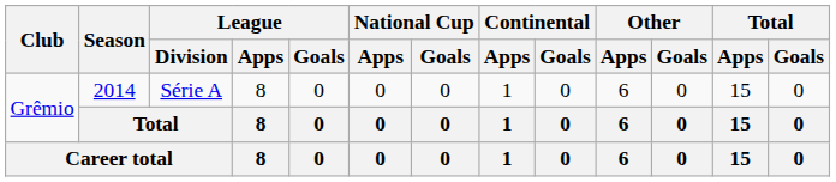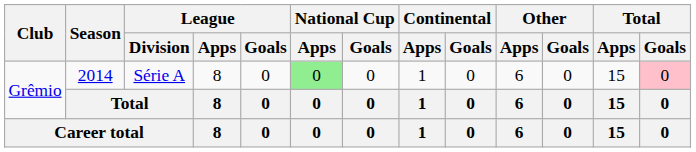 <table class="wikitable" style="font-size:96%; text-align: center;">
 <tr>
 <th rowspan="2">Club</th>
 <th rowspan="2">Season</th>
 <th colspan="3">League</th>
 <th colspan="2">National Cup</th>
 <th colspan="2">Continental</th>
 <th colspan="2">Other</th>
 <th colspan="2">Total</th>
 </tr>
 <tr>
 <th>Division</th>
 <th>Apps</th>
 <th>Goals</th>
 <th>Apps</th>
 <th>Goals</th>
 <th>Apps</th>
 <th>Goals</th>
 <th>Apps</th>
 <th>Goals</th>
 <th>Apps</th>
 <th>Goals</th>
 </tr>
 <tr>
 <td rowspan="2" valign="center"><a href='#'>Grêmio</a></td>
 <td><a href='#'>2014</a></td>
 <td><a href='#'>Série A</a></td>
 <td>8</td>
 <td>0</td>
-<td>0</td>
+<td style="background: lightgreen;">0</td>
 <td>0</td>
 <td>1</td>
 <td>0</td>
 <td>6</td>
 <td>0</td>
 <td>15</td>
-<td>0</td>
+<td style="background: pink;">0</td>
 </tr>
 <tr>
 <th colspan="2">Total</th>
 <th>8</th>
 <th>0</th>
 <th>0</th>
 <th>0</th>
 <th>1</th>
 <th>0</th>
 <th>6</th>
 <th>0</th>
 <th>15</th>
 <th>0</th>
 </tr>
 <tr>
 <th colspan="3">Career total</th>
 <th>8</th>
 <th>0</th>
 <th>0</th>
 <th>0</th>
 <th>1</th>
 <th>0</th>
 <th>6</th>
 <th>0</th>
 <th>15</th>
 <th>0</th>
 </tr>
 </table>
